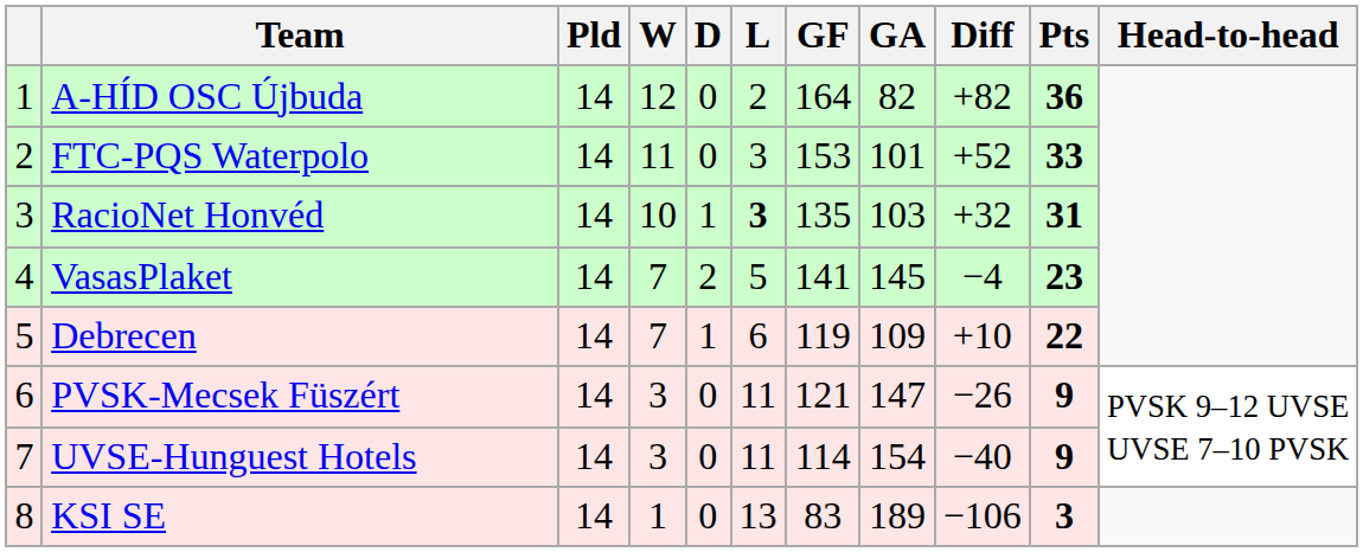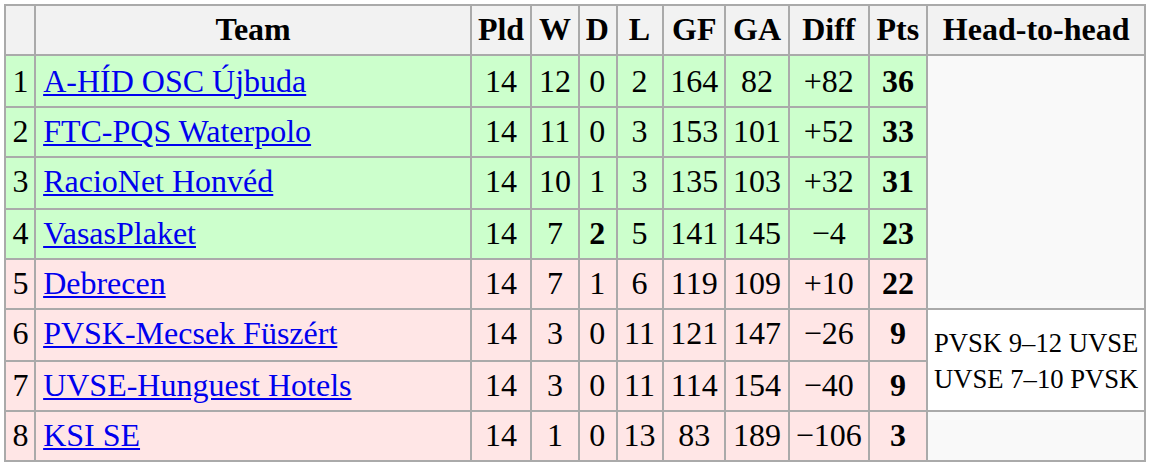 <table class="wikitable sortable" style="text-align:center">
 <tr>
 <th></th>
 <th width="210">Team</th>
 <th>Pld</th>
 <th>W</th>
 <th>D</th>
 <th>L</th>
 <th>GF</th>
 <th>GA</th>
 <th>Diff</th>
 <th>Pts</th>
 <th>Head-to-head</th>
 </tr>
 <tr style="background: #CCFFCC;">
 <td>1</td>
 <td align=left> <a href='#'>A-HÍD OSC Újbuda</a></td>
 <td>14</td>
 <td>12</td>
 <td>0</td>
 <td>2</td>
 <td>164</td>
 <td>82</td>
 <td>+82</td>
 <td><strong>36</strong></td>
 </tr>
 <tr style="background: #CCFFCC;">
 <td>2</td>
 <td align=left> <a href='#'>FTC-PQS Waterpolo</a></td>
 <td>14</td>
 <td>11</td>
 <td>0</td>
 <td>3</td>
 <td>153</td>
 <td>101</td>
 <td>+52</td>
 <td><strong>33</strong></td>
 </tr>
 <tr style="background: #CCFFCC;">
 <td>3</td>
 <td align=left> <a href='#'>RacioNet Honvéd</a></td>
 <td>14</td>
 <td>10</td>
 <td>1</td>
-<td><strong>3</strong></td>
+<td>3</td>
 <td>135</td>
 <td>103</td>
 <td>+32</td>
 <td><strong>31</strong></td>
 </tr>
 <tr style="background: #CCFFCC;">
 <td>4</td>
 <td align=left> <a href='#'>VasasPlaket</a></td>
 <td>14</td>
 <td>7</td>
-<td>2</td>
+<td><strong>2</strong></td>
 <td>5</td>
 <td>141</td>
 <td>145</td>
 <td>−4</td>
 <td><strong>23</strong></td>
 </tr>
 <tr style="background: #FFE6E6;">
 <td>5</td>
 <td align=left> <a href='#'>Debrecen</a></td>
 <td>14</td>
 <td>7</td>
 <td>1</td>
 <td>6</td>
 <td>119</td>
 <td>109</td>
 <td>+10</td>
 <td><strong>22</strong></td>
 </tr>
 <tr style="background: #FFE6E6;">
 <td>6</td>
 <td align=left> <a href='#'>PVSK-Mecsek Füszért</a></td>
 <td>14</td>
 <td>3</td>
 <td>0</td>
 <td>11</td>
 <td>121</td>
 <td>147</td>
 <td>−26</td>
 <td><strong>9</strong></td>
 <td rowspan="2" style="background: #FFFFFF;"><small>PVSK 9–12 UVSE<br>UVSE 7–10 PVSK</small></td>
 </tr>
 <tr style="background: #FFE6E6;">
 <td>7</td>
 <td align=left> <a href='#'>UVSE-Hunguest Hotels</a></td>
 <td>14</td>
 <td>3</td>
 <td>0</td>
 <td>11</td>
 <td>114</td>
 <td>154</td>
 <td>−40</td>
 <td><strong>9</strong></td>
 </tr>
 <tr style="background: #FFE6E6;">
 <td>8</td>
 <td align=left> <a href='#'>KSI SE</a></td>
 <td>14</td>
 <td>1</td>
 <td>0</td>
 <td>13</td>
 <td>83</td>
 <td>189</td>
 <td>−106</td>
 <td><strong>3</strong></td>
 </tr>
 </table>
